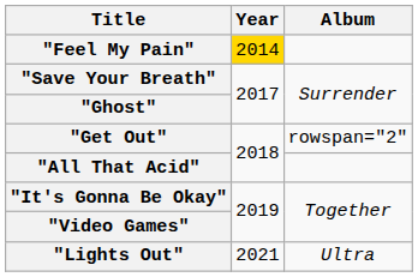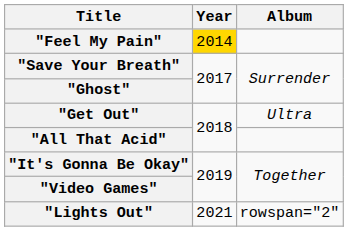 <table class="wikitable plainrowheaders" style="text-align:center;">
 <tr>
 <th scope="col" rowspan="1">Title</th>
 <th scope="col" rowspan="1">Year</th>
 <th scope="col" rowspan="1">Album</th>
 </tr>
 <tr>
 <th scope="row">"Feel My Pain"</th>
 <td style="background: gold;">2014</td>
 <td></td>
 </tr>
 <tr>
 <th scope="row">"Save Your Breath"</th>
 <td rowspan="2">2017</td>
 <td rowspan="2"><em>Surrender</em></td>
 </tr>
 <tr>
 <th scope="row">"Ghost"</th>
 </tr>
 <tr>
 <th scope="row">"Get Out"</th>
 <td rowspan="2">2018</td>
-<td>rowspan="2" </td>
+<td><em>Ultra</em></td>
 </tr>
 <tr>
 <th scope="row">"All That Acid"</th>
 </tr>
 <tr>
 <th scope="row">"It's Gonna Be Okay"</th>
 <td rowspan="2">2019</td>
 <td rowspan="2"><em>Together</em></td>
 </tr>
 <tr>
 <th scope="row">"Video Games"</th>
 </tr>
 <tr>
 <th scope="row">"Lights Out"</th>
 <td>2021</td>
-<td><em>Ultra</em></td>
+<td>rowspan="2" </td>
 </tr>
 </table>
